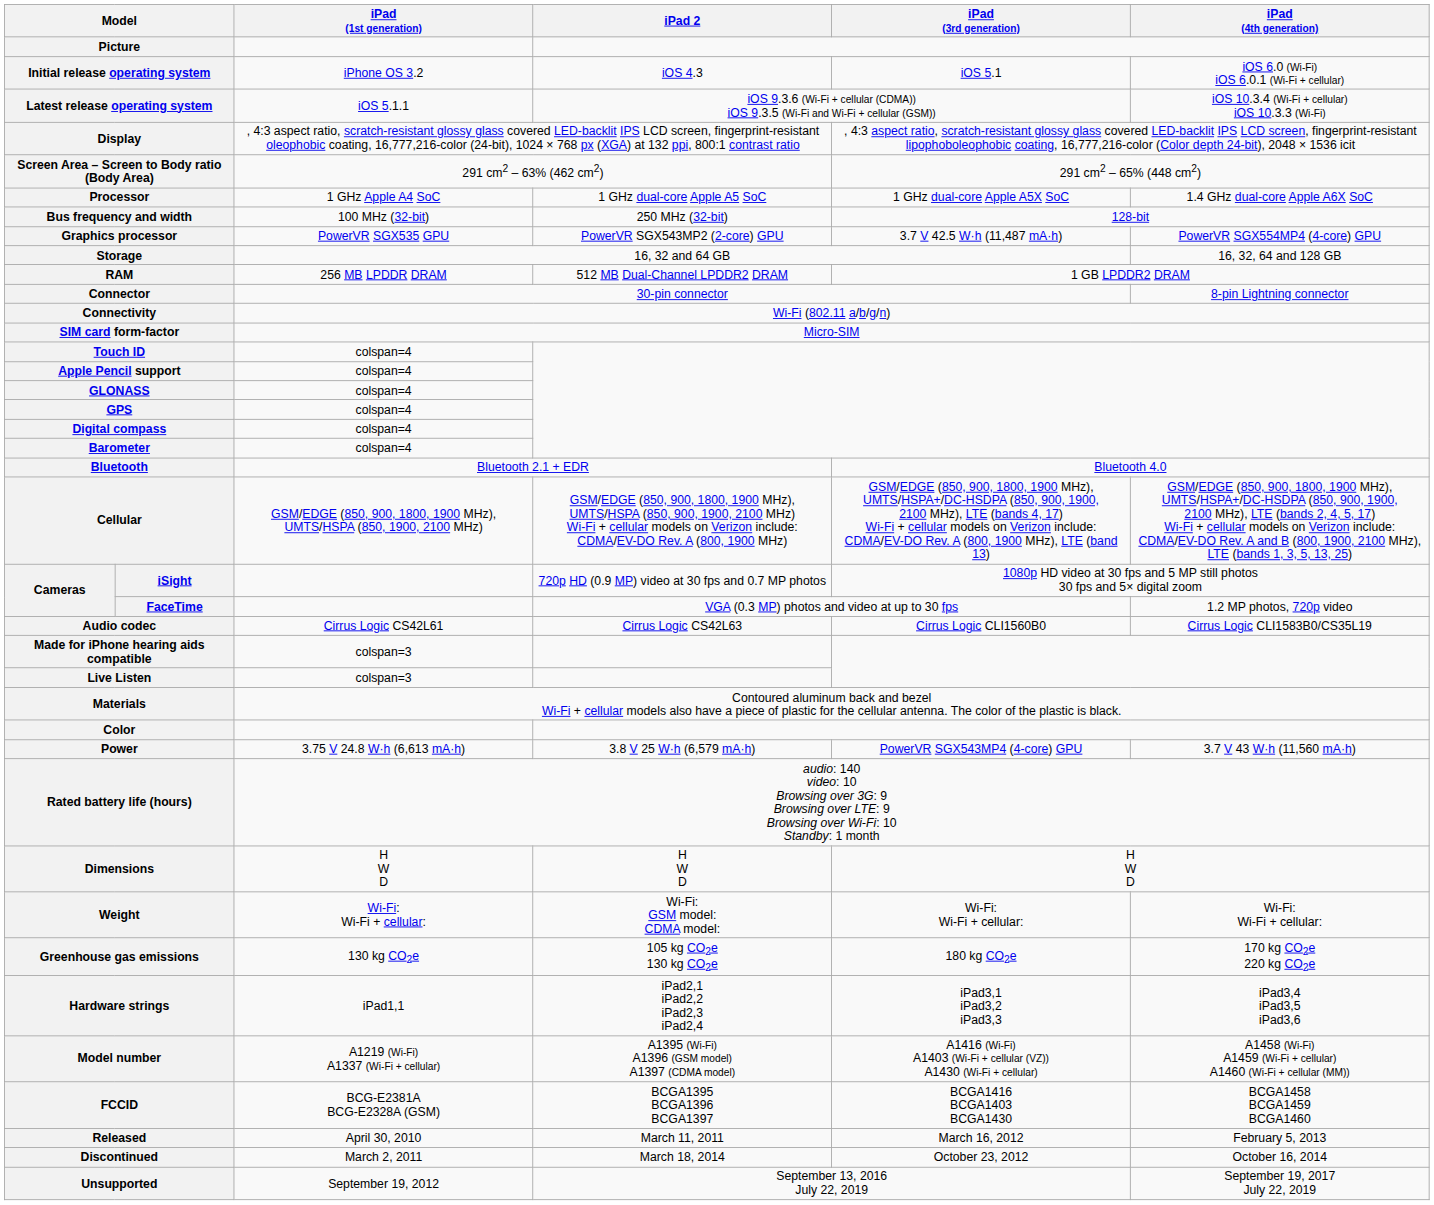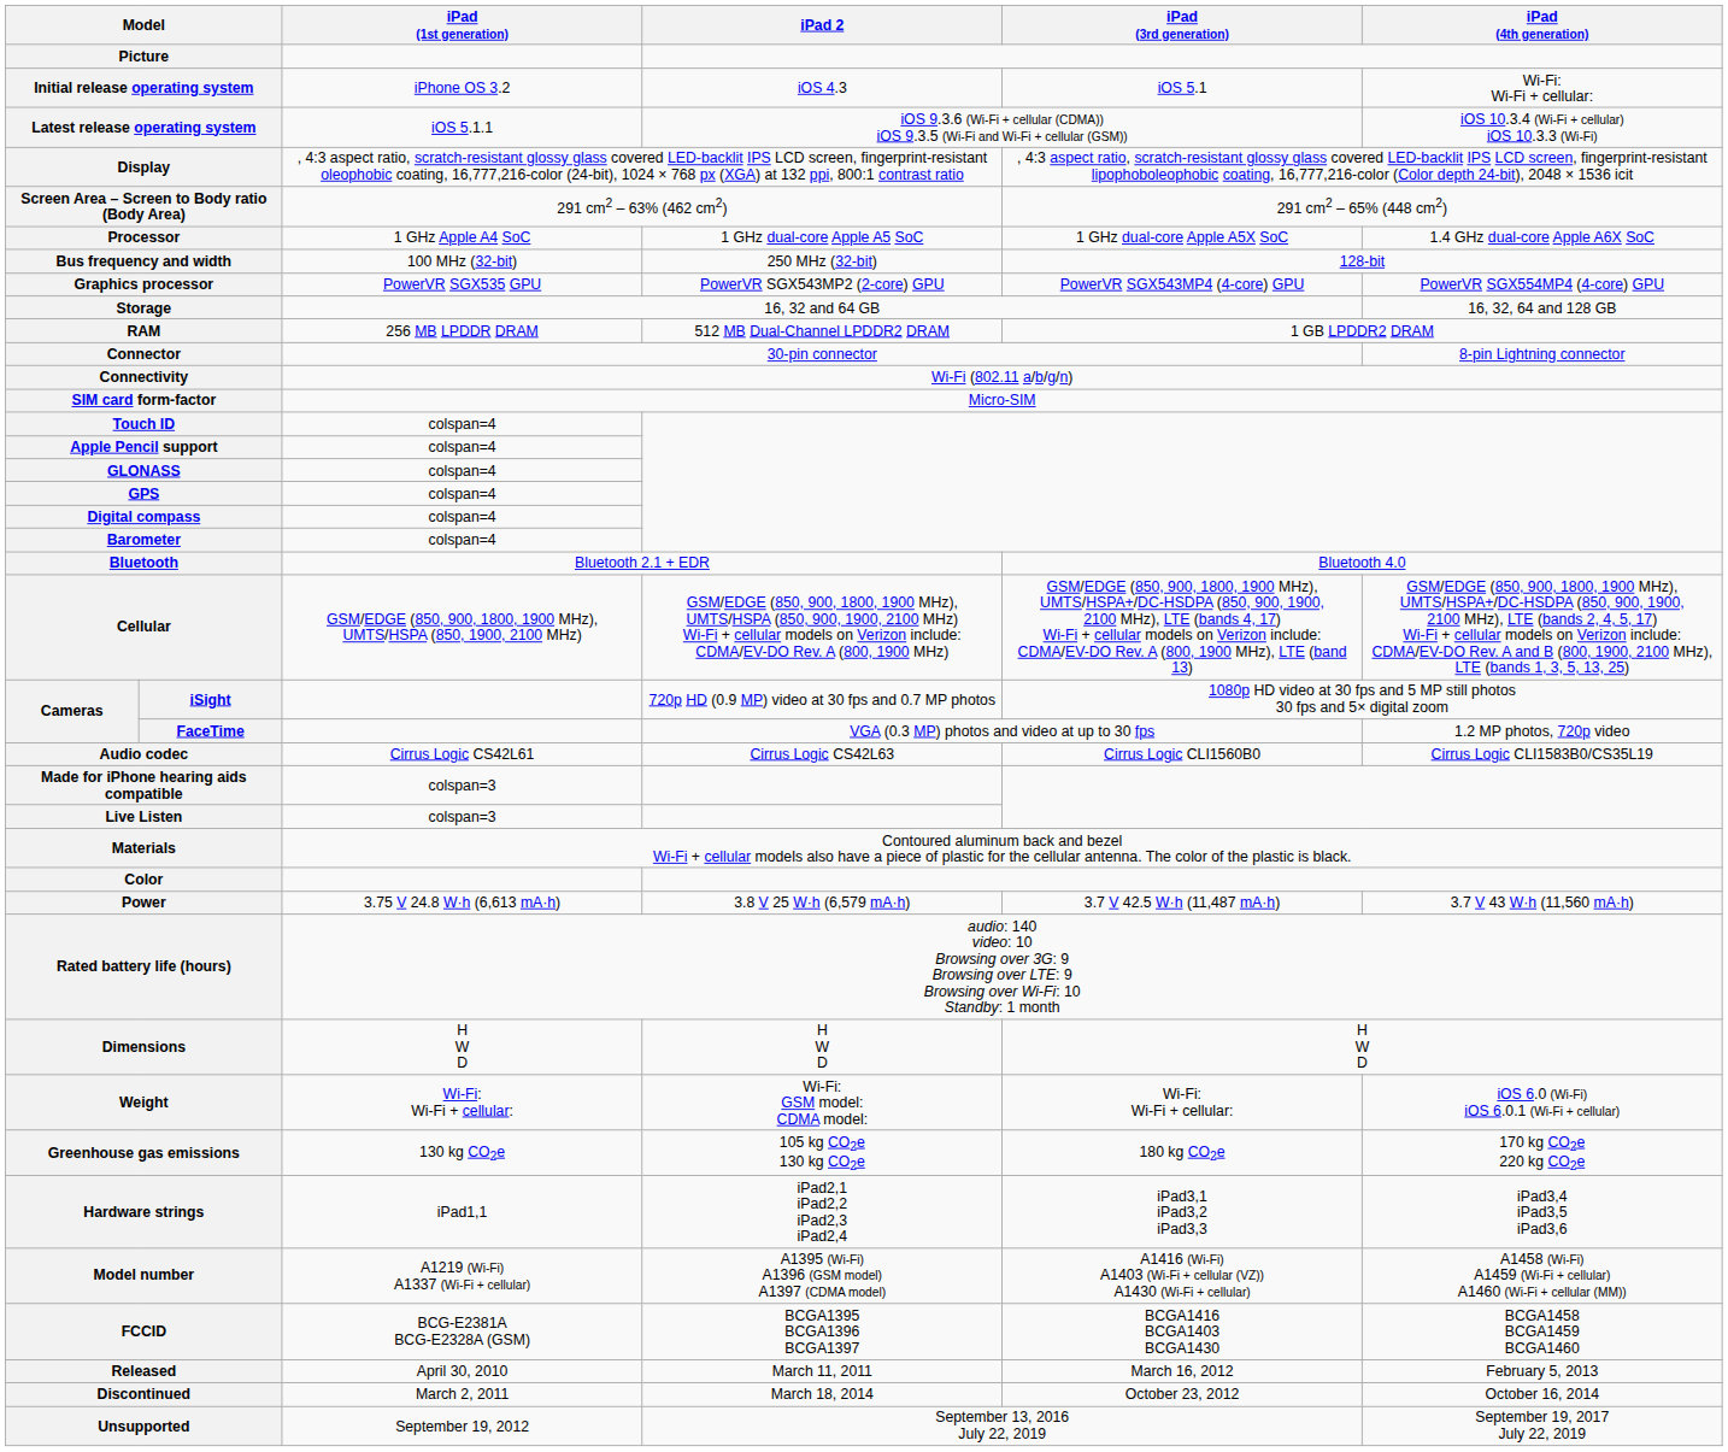 <table class="wikitable collapsible sticky-header" style="text-align:center; width:100%; font-size: 85%">
 <tr>
 <th scope="colgroup" colspan=2 style="width:10%;">Model</th>
 <th scope="col" style="width:13%;"><a href='#'>iPad<br><small>(1st generation)</small></a></th>
 <th scope="col" style="width:13%;"><a href='#'>iPad 2</a></th>
 <th scope="col" style="width:13%;"><a href='#'>iPad<br><small>(3rd generation)</small></a></th>
 <th scope="col" style="width:13%;"><a href='#'>iPad<br><small>(4th generation)</small></a></th>
 </tr>
 <tr>
 <th scope="row" colspan=2 >Picture</th>
 <td></td>
 <td colspan=3></td>
 </tr>
 <tr>
 <th scope="row" colspan=2 >Initial release <a href='#'>operating system</a></th>
 <td><a href='#'>iPhone OS 3</a>.2</td>
 <td><a href='#'>iOS 4</a>.3</td>
 <td><a href='#'>iOS 5</a>.1</td>
-<td><a href='#'>iOS 6</a>.0 <small>(Wi-Fi)</small><br><a href='#'>iOS 6</a>.0.1 <small>(Wi-Fi + cellular)</small></td>
+<td>Wi-Fi: <br>Wi-Fi + cellular: </td>
 </tr>
 <tr>
 <th scope="row" colspan=2 >Latest release <a href='#'>operating system</a></th>
 <td><a href='#'>iOS 5</a>.1.1</td>
 <td colspan=2><a href='#'>iOS 9</a>.3.6 <small>(Wi-Fi + cellular (CDMA))</small><br><a href='#'>iOS 9</a>.3.5 <small>(Wi-Fi and Wi-Fi + cellular (GSM))</small></td>
 <td><a href='#'>iOS 10</a>.3.4 <small>(Wi-Fi + cellular)</small><br><a href='#'>iOS 10</a>.3.3 <small>(Wi-Fi)</small></td>
 </tr>
 <tr>
 <th scope="row" colspan=2 >Display</th>
 <td colspan=2>, 4:3 aspect ratio, <a href='#'>scratch-resistant glossy glass</a> covered <a href='#'>LED-backlit</a> <a href='#'>IPS</a> LCD screen, fingerprint-resistant <a href='#'>oleophobic</a> coating, 16,777,216-color (24-bit), 1024 × 768 <a href='#'>px</a> (<a href='#'>XGA</a>) at 132 <a href='#'>ppi</a>, 800:1 <a href='#'>contrast ratio</a></td>
 <td colspan=2>, 4:3 <a href='#'>aspect ratio</a>, <a href='#'>scratch-resistant glossy glass</a> covered <a href='#'>LED-backlit</a> <a href='#'>IPS</a> <a href='#'>LCD screen</a>, fingerprint-resistant <a href='#'>lipophoboleophobic</a> <a href='#'>coating</a>, 16,777,216-color (<a href='#'>Color depth 24-bit</a>), 2048 × 1536 icit</td>
 </tr>
 <tr>
 <th scope="row" colspan="2">Screen Area – Screen to Body ratio (Body Area)</th>
 <td colspan="2">291 cm<sup>2</sup> – 63% (462 cm<sup>2</sup>)</td>
 <td colspan="2">291 cm<sup>2</sup> – 65% (448 cm<sup>2</sup>)</td>
 </tr>
 <tr>
 <th scope="row" colspan=2 >Processor</th>
 <td>1 GHz <a href='#'>Apple A4</a> <a href='#'>SoC</a></td>
 <td>1 GHz <a href='#'>dual-core</a> <a href='#'>Apple A5</a> <a href='#'>SoC</a></td>
 <td>1 GHz <a href='#'>dual-core</a> <a href='#'>Apple A5X</a> <a href='#'>SoC</a></td>
 <td>1.4 GHz <a href='#'>dual-core</a> <a href='#'>Apple A6X</a> <a href='#'>SoC</a></td>
 </tr>
 <tr>
 <th scope="row" colspan=2 >Bus frequency and width</th>
 <td>100 MHz (<a href='#'>32-bit</a>)</td>
 <td>250 MHz (<a href='#'>32-bit</a>)</td>
 <td colspan=2><a href='#'>128-bit</a></td>
 </tr>
 <tr>
 <th scope="row" colspan=2 >Graphics processor</th>
 <td><a href='#'>PowerVR</a> <a href='#'>SGX535</a> <a href='#'>GPU</a></td>
 <td><a href='#'>PowerVR</a> SGX543MP2 (<a href='#'>2-core</a>) <a href='#'>GPU</a></td>
-<td>3.7 <a href='#'>V</a> 42.5 <a href='#'>W·h</a> (11,487 <a href='#'>mA·h</a>)</td>
+<td><a href='#'>PowerVR</a> <a href='#'>SGX543MP4</a> (<a href='#'>4-core</a>) <a href='#'>GPU</a></td>
 <td><a href='#'>PowerVR</a> <a href='#'>SGX554MP4</a> (<a href='#'>4-core</a>) <a href='#'>GPU</a></td>
 </tr>
 <tr>
 <th scope="row" colspan=2 >Storage</th>
 <td colspan=3>16, 32 and 64 GB</td>
 <td colspan=1>16, 32, 64 and 128 GB</td>
 </tr>
 <tr>
 <th scope="row" colspan=2 >RAM</th>
 <td>256 <a href='#'>MB</a> <a href='#'>LPDDR</a> <a href='#'>DRAM</a></td>
 <td>512 <a href='#'>MB</a> <a href='#'>Dual-Channel LPDDR2</a> <a href='#'>DRAM</a></td>
 <td colspan=2>1 GB <a href='#'>LPDDR2</a> <a href='#'>DRAM</a></td>
 </tr>
 <tr>
 <th scope="row" colspan=2 >Connector</th>
 <td colspan=3><a href='#'>30-pin connector</a></td>
 <td><a href='#'>8-pin Lightning connector</a></td>
 </tr>
 <tr>
 <th scope="row" colspan=2 >Connectivity</th>
 <td colspan=4><a href='#'>Wi-Fi</a> (<a href='#'>802.11</a> <a href='#'>a</a>/<a href='#'>b</a>/<a href='#'>g</a>/<a href='#'>n</a>)</td>
 </tr>
 <tr>
 <th scope="row" colspan=2 ><a href='#'>SIM card</a> form-factor</th>
 <td colspan=4><a href='#'>Micro-SIM</a></td>
 </tr>
 <tr>
 <th scope="row" colspan=2 ><a href='#'>Touch ID</a></th>
 <td>colspan=4 </td>
 </tr>
 <tr>
 <th scope="row" colspan=2 ><a href='#'>Apple Pencil</a> support</th>
 <td>colspan=4 </td>
 </tr>
 <tr>
 <th scope="row" colspan=2 ><a href='#'>GLONASS</a></th>
 <td>colspan=4 </td>
 </tr>
 <tr>
 <th scope="row" colspan=2 ><a href='#'>GPS</a></th>
 <td>colspan=4 </td>
 </tr>
 <tr>
 <th scope="row" colspan=2 ><a href='#'>Digital compass</a></th>
 <td>colspan=4 </td>
 </tr>
 <tr>
 <th scope="row" colspan=2 ><a href='#'>Barometer</a></th>
 <td>colspan=4 </td>
 </tr>
 <tr>
 <th scope="row" colspan=2 ><a href='#'>Bluetooth</a></th>
 <td colspan=2><a href='#'>Bluetooth 2.1 + EDR</a></td>
 <td colspan=2><a href='#'>Bluetooth 4.0</a></td>
 </tr>
 <tr>
 <th scope="row" colspan=2 >Cellular</th>
 <td><a href='#'>GSM</a>/<a href='#'>EDGE</a> (<a href='#'>850, 900, 1800, 1900</a> MHz), <a href='#'>UMTS</a>/<a href='#'>HSPA</a> (<a href='#'>850, 1900, 2100</a> MHz)</td>
 <td><a href='#'>GSM</a>/<a href='#'>EDGE</a> (<a href='#'>850, 900, 1800, 1900</a> MHz), <a href='#'>UMTS</a>/<a href='#'>HSPA</a> (<a href='#'>850, 900, 1900, 2100</a> MHz)<br><a href='#'>Wi-Fi</a> + <a href='#'>cellular</a> models on <a href='#'>Verizon</a> include:<br><a href='#'>CDMA</a>/<a href='#'>EV-DO Rev. A</a> (<a href='#'>800, 1900</a> MHz)</td>
 <td><a href='#'>GSM</a>/<a href='#'>EDGE</a> (<a href='#'>850, 900, 1800, 1900</a> MHz), <a href='#'>UMTS</a>/<a href='#'>HSPA+</a>/<a href='#'>DC-HSDPA</a> (<a href='#'>850, 900, 1900, 2100</a> MHz), <a href='#'>LTE</a> (<a href='#'>bands 4, 17</a>)<br><a href='#'>Wi-Fi</a> + <a href='#'>cellular</a> models on <a href='#'>Verizon</a> include:<br><a href='#'>CDMA</a>/<a href='#'>EV-DO Rev. A</a> (<a href='#'>800, 1900</a> MHz), <a href='#'>LTE</a> (<a href='#'>band 13</a>)</td>
 <td><a href='#'>GSM</a>/<a href='#'>EDGE</a> (<a href='#'>850, 900, 1800, 1900</a> MHz), <a href='#'>UMTS</a>/<a href='#'>HSPA+</a>/<a href='#'>DC-HSDPA</a> (<a href='#'>850, 900, 1900, 2100</a> MHz), <a href='#'>LTE</a> (<a href='#'>bands 2, 4, 5, 17</a>)<br><a href='#'>Wi-Fi</a> + <a href='#'>cellular</a> models on <a href='#'>Verizon</a> include:<br><a href='#'>CDMA</a>/<a href='#'>EV-DO Rev. A and B</a> (<a href='#'>800, 1900, 2100</a> MHz), <a href='#'>LTE</a> (<a href='#'>bands 1, 3, 5, 13, 25</a>)</td>
 </tr>
 <tr>
 <th scope="rowgroup" rowspan=2 >Cameras</th>
 <th scope="row" ><a href='#'>iSight</a></th>
 <td></td>
 <td><a href='#'>720p</a> <a href='#'>HD</a> (0.9 <a href='#'>MP</a>) video at 30 fps and 0.7 MP photos</td>
 <td colspan=2><a href='#'>1080p</a> HD video at 30 fps and 5 MP still photos<br>30 fps and 5× digital zoom</td>
 </tr>
 <tr>
 <th scope="row" ><a href='#'>FaceTime</a></th>
 <td></td>
 <td colspan=2><a href='#'>VGA</a> (0.3 <a href='#'>MP</a>) photos and video at up to 30 <a href='#'>fps</a></td>
 <td colspan=2>1.2 MP photos, <a href='#'>720p</a> video</td>
 </tr>
 <tr>
 <th scope="row" colspan=2 >Audio codec</th>
 <td><a href='#'>Cirrus Logic</a> CS42L61</td>
 <td><a href='#'>Cirrus Logic</a> CS42L63</td>
 <td><a href='#'>Cirrus Logic</a> CLI1560B0</td>
 <td><a href='#'>Cirrus Logic</a> CLI1583B0/CS35L19</td>
 </tr>
 <tr>
 <th scope="row" colspan=2 >Made for iPhone hearing aids compatible</th>
 <td>colspan=3 </td>
 <td></td>
 </tr>
 <tr>
 <th scope="row" colspan=2 >Live Listen</th>
 <td>colspan=3 </td>
 <td></td>
 </tr>
 <tr>
 <th scope="row" colspan=2 >Materials</th>
 <td colspan=4>Contoured aluminum back and bezel<br><a href='#'>Wi-Fi</a> + <a href='#'>cellular</a> models also have a piece of plastic for the cellular antenna. The color of the plastic is black.</td>
 </tr>
 <tr>
 <th scope="row" colspan=2 >Color</th>
 <td></td>
 <td colspan=3> </td>
 </tr>
 <tr>
 <th scope="row" colspan=2 >Power</th>
 <td>3.75 <a href='#'>V</a> 24.8 <a href='#'>W·h</a> (6,613 <a href='#'>mA·h</a>)</td>
 <td>3.8 <a href='#'>V</a> 25 <a href='#'>W·h</a> (6,579 <a href='#'>mA·h</a>)</td>
-<td><a href='#'>PowerVR</a> <a href='#'>SGX543MP4</a> (<a href='#'>4-core</a>) <a href='#'>GPU</a></td>
+<td>3.7 <a href='#'>V</a> 42.5 <a href='#'>W·h</a> (11,487 <a href='#'>mA·h</a>)</td>
 <td>3.7 <a href='#'>V</a> 43 <a href='#'>W·h</a> (11,560 <a href='#'>mA·h</a>)</td>
 </tr>
 <tr>
 <th scope="row" colspan=2 >Rated battery life (hours)</th>
 <td colspan=4><em>audio</em>: 140<br><em>video</em>: 10<br><em>Browsing over 3G</em>: 9<br><em>Browsing over LTE</em>: 9<br><em>Browsing over Wi-Fi</em>: 10<br><em>Standby</em>: 1 month</td>
 </tr>
 <tr>
 <th scope="row" colspan=2 >Dimensions</th>
 <td> H<br> W<br> D</td>
 <td> H<br> W<br> D</td>
 <td colspan=2> H<br> W<br> D</td>
 </tr>
 <tr>
 <th scope="row" colspan=2 >Weight</th>
 <td><a href='#'>Wi-Fi</a>: <br>Wi-Fi + <a href='#'>cellular</a>: </td>
 <td>Wi-Fi: <br><a href='#'>GSM</a> model: <br><a href='#'>CDMA</a> model: </td>
 <td>Wi-Fi: <br>Wi-Fi + cellular: </td>
-<td>Wi-Fi: <br>Wi-Fi + cellular: </td>
+<td><a href='#'>iOS 6</a>.0 <small>(Wi-Fi)</small><br><a href='#'>iOS 6</a>.0.1 <small>(Wi-Fi + cellular)</small></td>
 </tr>
 <tr>
 <th scope="row" colspan=2 >Greenhouse gas emissions</th>
 <td>130 kg <a href='#'>CO<sub>2</sub>e</a></td>
 <td>105 kg <a href='#'>CO<sub>2</sub>e</a><br>130 kg <a href='#'>CO<sub>2</sub>e</a></td>
 <td>180 kg <a href='#'>CO<sub>2</sub>e</a></td>
 <td>170 kg <a href='#'>CO<sub>2</sub>e</a><br>220 kg <a href='#'>CO<sub>2</sub>e</a></td>
 </tr>
 <tr>
 <th scope="row" colspan=2 >Hardware strings</th>
 <td>iPad1,1</td>
 <td>iPad2,1<br>iPad2,2<br>iPad2,3<br>iPad2,4</td>
 <td>iPad3,1<br>iPad3,2<br>iPad3,3</td>
 <td>iPad3,4<br>iPad3,5<br>iPad3,6</td>
 </tr>
 <tr>
 <th scope="row" colspan=2 >Model number</th>
 <td>A1219 <small>(Wi-Fi)</small><br>A1337 <small>(Wi-Fi + cellular)</small></td>
 <td>A1395 <small>(Wi-Fi)</small><br>A1396 <small>(GSM model)</small><br>A1397 <small>(CDMA model)</small></td>
 <td>A1416 <small>(Wi-Fi)</small><br>A1403 <small>(Wi-Fi + cellular (VZ))</small><br>A1430 <small>(Wi-Fi + cellular)</small></td>
 <td>A1458 <small>(Wi-Fi)</small><br>A1459 <small>(Wi-Fi + cellular)</small><br>A1460 <small>(Wi-Fi + cellular (MM))</small></td>
 </tr>
 <tr>
 <th scope="row" colspan=2 >FCCID</th>
 <td>BCG-E2381A<br>BCG-E2328A (GSM)</td>
 <td>BCGA1395<br>BCGA1396<br>BCGA1397</td>
 <td>BCGA1416<br>BCGA1403<br>BCGA1430</td>
 <td>BCGA1458<br>BCGA1459<br>BCGA1460</td>
 </tr>
 <tr>
 <th scope="row" colspan=2 >Released</th>
 <td>April 30, 2010</td>
 <td>March 11, 2011</td>
 <td>March 16, 2012</td>
 <td>February 5, 2013<br></td>
 </tr>
 <tr>
 <th scope="row" colspan=2 >Discontinued</th>
 <td>March 2, 2011</td>
 <td>March 18, 2014<br></td>
 <td>October 23, 2012</td>
 <td>October 16, 2014<br></td>
 </tr>
 <tr>
 <th scope="row" colspan=2 >Unsupported</th>
 <td>September 19, 2012</td>
 <td colspan=2>September 13, 2016<br>July 22, 2019</td>
 <td>September 19, 2017<br>July 22, 2019</td>
 </tr>
 </table>
